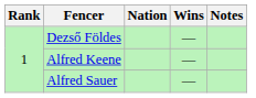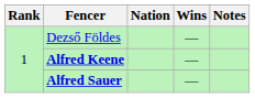 <table class="wikitable sortable" style="text-align:center">
 <tr>
 <th>Rank</th>
 <th>Fencer</th>
 <th>Nation</th>
 <th>Wins</th>
 <th>Notes</th>
 </tr>
 <tr bgcolor=bbf3bb>
 <td rowspan=3>1</td>
 <td align=left><a href='#'>Dezső Földes</a></td>
 <td align=left></td>
 <td>—</td>
 <td></td>
 </tr>
 <tr bgcolor=bbf3bb>
-<td align=left><a href='#'>Alfred Keene</a></td>
+<td align=left><strong><a href='#'>Alfred Keene</a></strong></td>
 <td align=left></td>
 <td>—</td>
 <td></td>
 </tr>
 <tr bgcolor=bbf3bb>
-<td align=left><a href='#'>Alfred Sauer</a></td>
+<td align=left><strong><a href='#'>Alfred Sauer</a></strong></td>
 <td align=left></td>
 <td>—</td>
 <td></td>
 </tr>
 </table>
